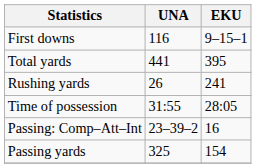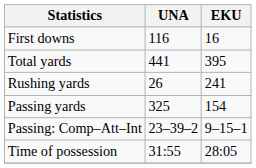 <table class="wikitable" style="float: left;">
 <tr>
 <th>Statistics</th>
 <th>UNA</th>
 <th>EKU</th>
 </tr>
 <tr>
 <td>First downs</td>
 <td>116</td>
-<td>9–15–1</td>
+<td>16</td>
 </tr>
 <tr>
 <td>Total yards</td>
 <td>441</td>
 <td>395</td>
 </tr>
 <tr>
 <td>Rushing yards</td>
 <td>26</td>
 <td>241</td>
 </tr>
 <tr>
+<td>Passing yards</td>
+<td>325</td>
+<td>154</td>
+</tr>
+<tr>
+<td>Passing: Comp–Att–Int</td>
+<td>23–39–2</td>
+<td>9–15–1</td>
+</tr>
+<tr>
 <td>Time of possession</td>
 <td>31:55</td>
 <td>28:05</td>
 </tr>
 <tr>
-<td>Passing: Comp–Att–Int</td>
-<td>23–39–2</td>
-<td>16</td>
-</tr>
-<tr>
-<td>Passing yards</td>
-<td>325</td>
-<td>154</td>
-</tr>
-<tr>
 </tr>
 </table>
